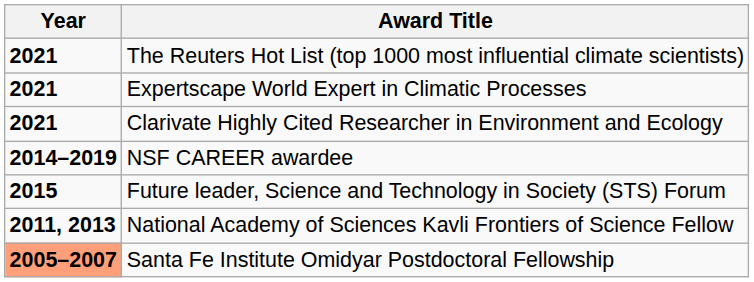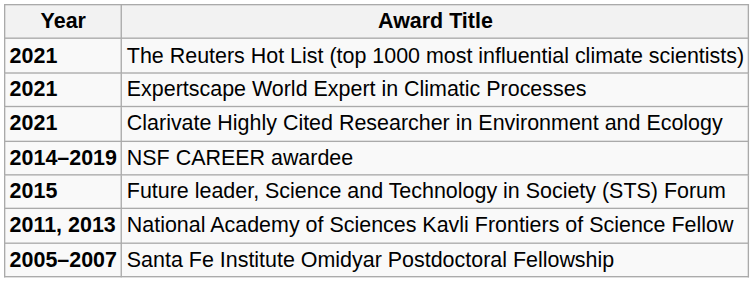 <table class="wikitable">
 <tr>
 <th>Year</th>
 <th>Award Title</th>
 </tr>
 <tr>
 <td><strong>2021</strong></td>
 <td>The Reuters Hot List (top 1000 most influential climate scientists)</td>
 </tr>
 <tr>
 <td><strong>2021</strong></td>
 <td>Expertscape World Expert in Climatic Processes</td>
 </tr>
 <tr>
 <td><strong>2021</strong></td>
 <td>Clarivate Highly Cited Researcher in Environment and Ecology</td>
 </tr>
 <tr>
 <td><strong>2014–2019</strong></td>
 <td>NSF CAREER awardee</td>
 </tr>
 <tr>
 <td><strong>2015</strong></td>
 <td>Future leader, Science and Technology in Society (STS) Forum</td>
 </tr>
 <tr>
 <td><strong>2011, 2013</strong></td>
 <td>National Academy of Sciences Kavli Frontiers of Science Fellow</td>
 </tr>
 <tr>
-<td style="background: lightsalmon;"><strong>2005–2007</strong></td>
+<td><strong>2005–2007</strong></td>
 <td>Santa Fe Institute Omidyar Postdoctoral Fellowship</td>
 </tr>
 </table>
